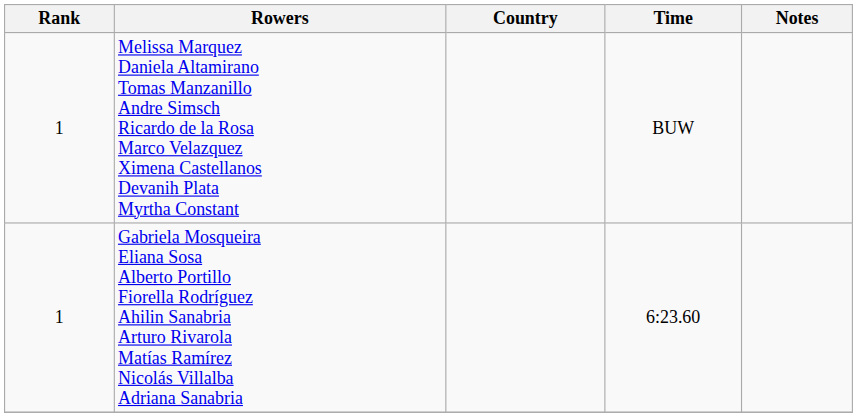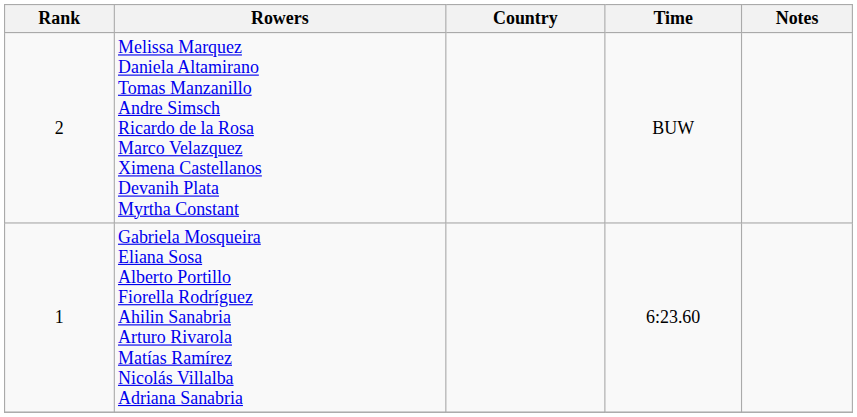 <table class="wikitable" width=60% style="text-align:center">
 <tr>
 <th>Rank</th>
 <th>Rowers</th>
 <th>Country</th>
 <th>Time</th>
 <th>Notes</th>
 </tr>
 <tr>
-<td>1</td>
+<td>2</td>
 <td align=left><a href='#'>Melissa Marquez</a><br><a href='#'>Daniela Altamirano</a><br><a href='#'>Tomas Manzanillo</a><br><a href='#'>Andre Simsch</a><br><a href='#'>Ricardo de la Rosa</a><br><a href='#'>Marco Velazquez</a><br><a href='#'>Ximena Castellanos</a><br><a href='#'>Devanih Plata</a><br><a href='#'>Myrtha Constant</a></td>
 <td align=left></td>
 <td>BUW</td>
 <td></td>
 </tr>
 <tr>
 <td>1</td>
 <td align=left><a href='#'>Gabriela Mosqueira</a><br><a href='#'>Eliana Sosa</a><br><a href='#'>Alberto Portillo</a><br><a href='#'>Fiorella Rodríguez</a><br><a href='#'>Ahilin Sanabria</a><br><a href='#'>Arturo Rivarola</a><br><a href='#'>Matías Ramírez</a><br><a href='#'>Nicolás Villalba</a><br><a href='#'>Adriana Sanabria</a></td>
 <td align=left></td>
 <td>6:23.60</td>
 <td></td>
 </tr>
 <tr>
 </tr>
 </table>
